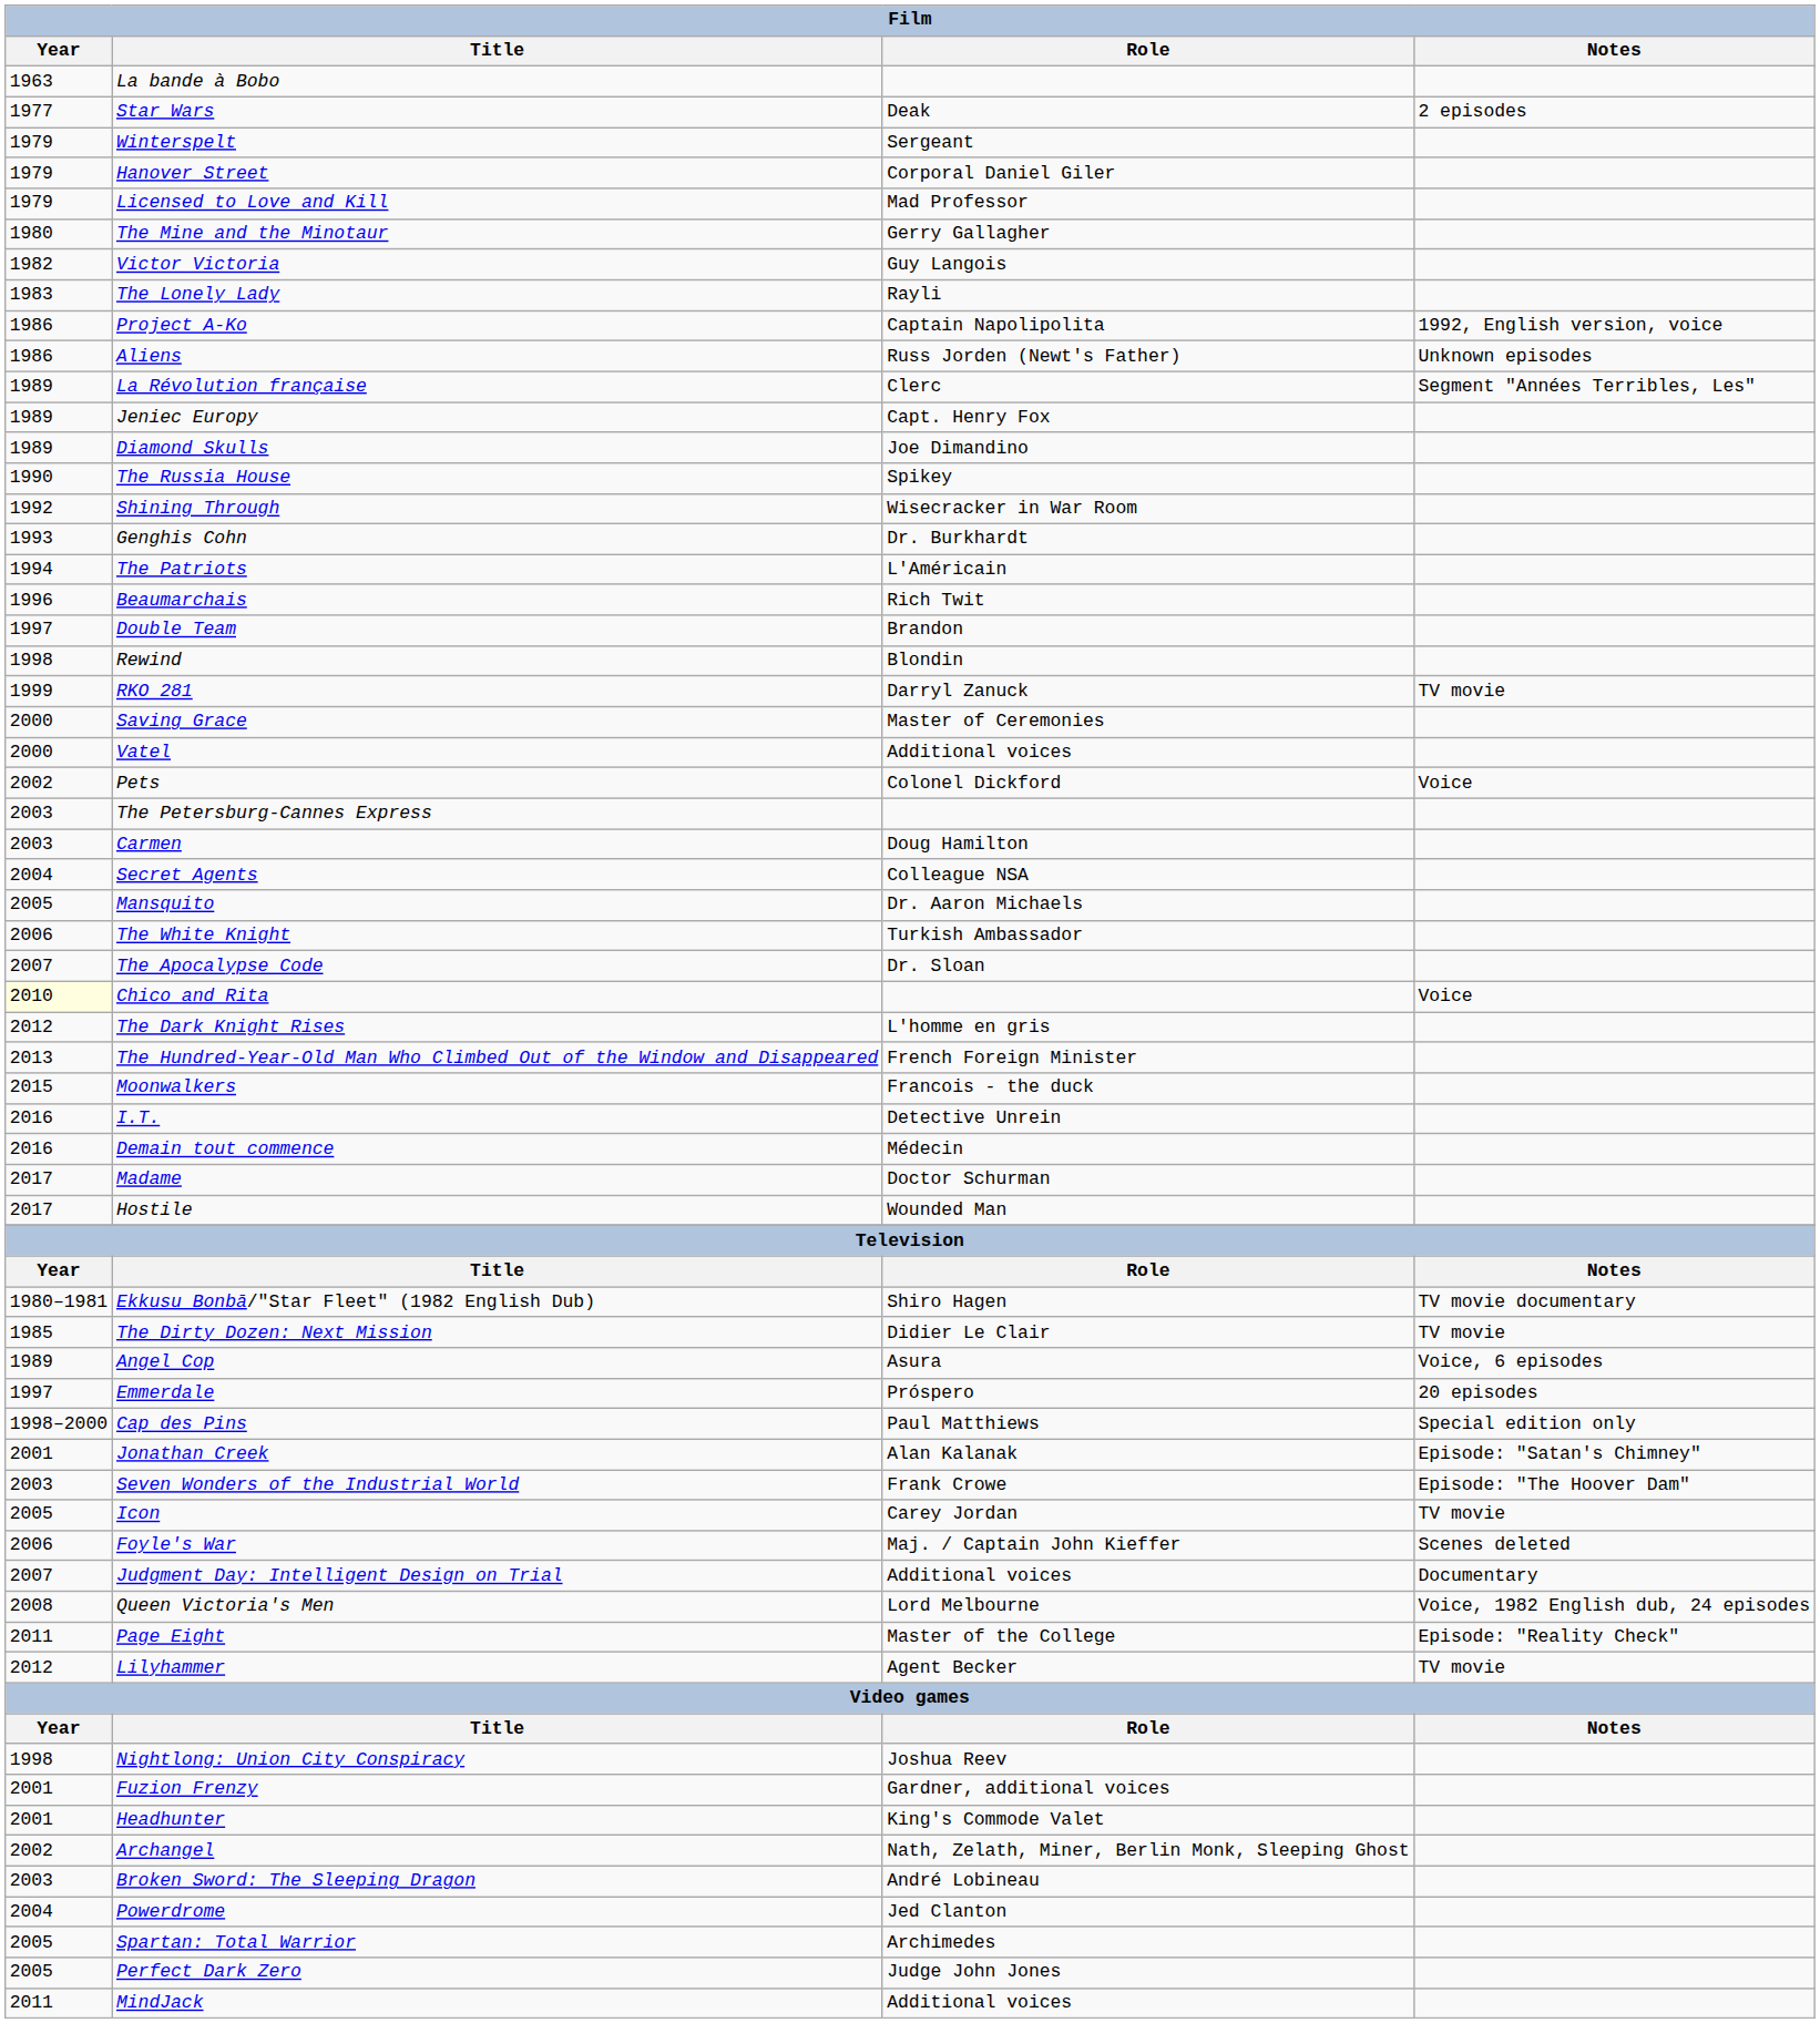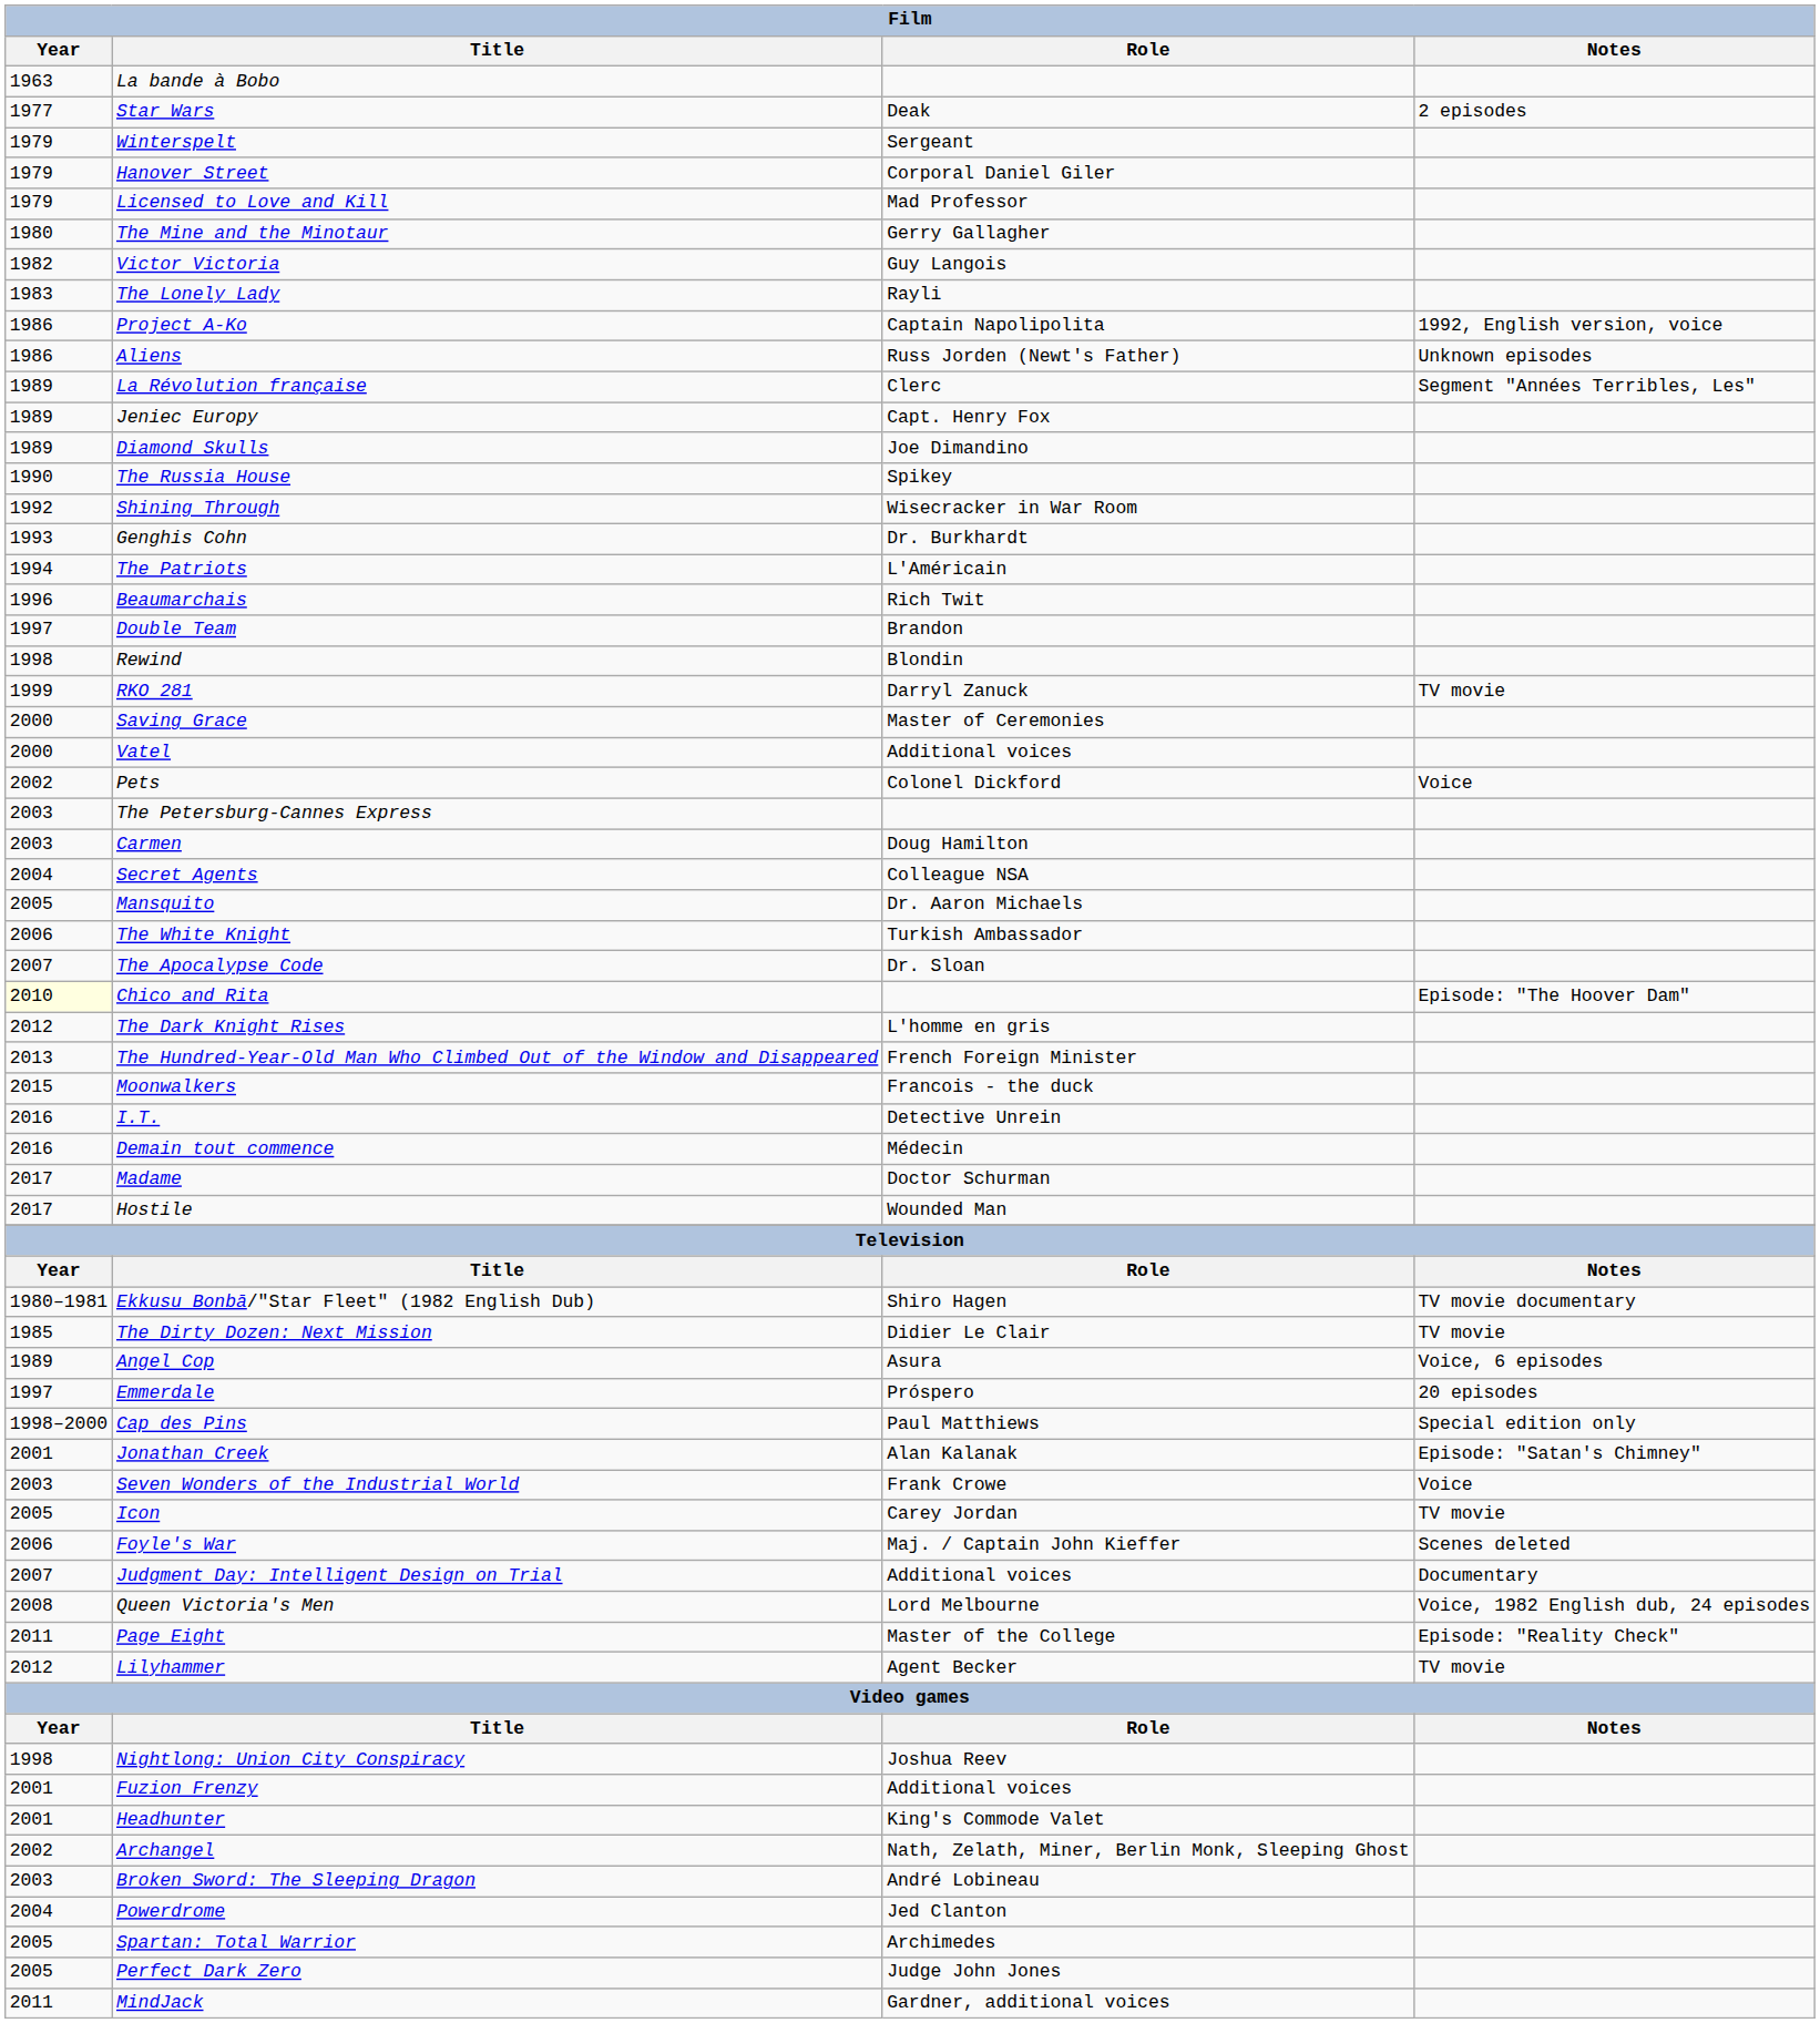 <table class="wikitable" style="font-size: 90%;">
 <tr>
 <th colspan="4" style="background: LightSteelBlue;">Film</th>
 </tr>
 <tr>
 <th>Year</th>
 <th>Title</th>
 <th>Role</th>
 <th>Notes</th>
 </tr>
 <tr>
 <td>1963</td>
 <td><em>La bande à Bobo</em></td>
 <td></td>
 <td></td>
 </tr>
 <tr>
 <td>1977</td>
 <td><em><a href='#'>Star Wars</a></em></td>
 <td>Deak</td>
 <td>2 episodes</td>
 </tr>
 <tr>
 <td>1979</td>
 <td><em><a href='#'>Winterspelt</a></em></td>
 <td>Sergeant</td>
 <td></td>
 </tr>
 <tr>
 <td>1979</td>
 <td><em><a href='#'>Hanover Street</a></em></td>
 <td>Corporal Daniel Giler</td>
 <td></td>
 </tr>
 <tr>
 <td>1979</td>
 <td><em><a href='#'>Licensed to Love and Kill</a></em></td>
 <td>Mad Professor</td>
 <td></td>
 </tr>
 <tr>
 <td>1980</td>
 <td><em><a href='#'>The Mine and the Minotaur</a></em></td>
 <td>Gerry Gallagher</td>
 <td></td>
 </tr>
 <tr>
 <td>1982</td>
 <td><em><a href='#'>Victor Victoria</a></em></td>
 <td>Guy Langois</td>
 <td></td>
 </tr>
 <tr>
 <td>1983</td>
 <td><em><a href='#'>The Lonely Lady</a></em></td>
 <td>Rayli</td>
 <td></td>
 </tr>
 <tr>
 <td>1986</td>
 <td><em><a href='#'>Project A-Ko</a></em></td>
 <td>Captain  Napolipolita</td>
 <td>1992, English version, voice</td>
 </tr>
 <tr>
 <td>1986</td>
 <td><em><a href='#'>Aliens</a></em></td>
 <td>Russ Jorden (Newt's Father)</td>
 <td>Unknown episodes</td>
 </tr>
 <tr>
 <td>1989</td>
 <td><em><a href='#'>La Révolution française</a></em></td>
 <td>Clerc</td>
 <td>Segment "Années Terribles, Les"</td>
 </tr>
 <tr>
 <td>1989</td>
 <td><em>Jeniec Europy</em></td>
 <td>Capt. Henry Fox</td>
 <td></td>
 </tr>
 <tr>
 <td>1989</td>
 <td><em><a href='#'>Diamond Skulls</a></em></td>
 <td>Joe Dimandino</td>
 <td></td>
 </tr>
 <tr>
 <td>1990</td>
 <td><em><a href='#'>The Russia House</a></em></td>
 <td>Spikey</td>
 <td></td>
 </tr>
 <tr>
 <td>1992</td>
 <td><em><a href='#'>Shining Through</a></em></td>
 <td>Wisecracker in War Room</td>
 <td></td>
 </tr>
 <tr>
 <td>1993</td>
 <td><em>Genghis Cohn</em></td>
 <td>Dr. Burkhardt</td>
 <td></td>
 </tr>
 <tr>
 <td>1994</td>
 <td><em><a href='#'>The Patriots</a></em></td>
 <td>L'Américain</td>
 <td></td>
 </tr>
 <tr>
 <td>1996</td>
 <td><em><a href='#'>Beaumarchais</a></em></td>
 <td>Rich Twit</td>
 <td></td>
 </tr>
 <tr>
 <td>1997</td>
 <td><em><a href='#'>Double Team</a></em></td>
 <td>Brandon</td>
 <td></td>
 </tr>
 <tr>
 <td>1998</td>
 <td><em>Rewind</em></td>
 <td>Blondin</td>
 <td></td>
 </tr>
 <tr>
 <td>1999</td>
 <td><em><a href='#'>RKO 281</a></em></td>
 <td>Darryl Zanuck</td>
 <td>TV movie</td>
 </tr>
 <tr>
 <td>2000</td>
 <td><em><a href='#'>Saving Grace</a></em></td>
 <td>Master of Ceremonies</td>
 <td></td>
 </tr>
 <tr>
 <td>2000</td>
 <td><em><a href='#'>Vatel</a></em></td>
 <td>Additional voices</td>
 <td></td>
 </tr>
 <tr>
 <td>2002</td>
 <td><em>Pets</em></td>
 <td>Colonel Dickford</td>
 <td>Voice</td>
 </tr>
 <tr>
 <td>2003</td>
 <td><em>The Petersburg-Cannes Express</em></td>
 <td></td>
 <td></td>
 </tr>
 <tr>
 <td>2003</td>
 <td><em><a href='#'>Carmen</a></em></td>
 <td>Doug Hamilton</td>
 <td></td>
 </tr>
 <tr>
 <td>2004</td>
 <td><em><a href='#'>Secret Agents</a></em></td>
 <td>Colleague NSA</td>
 <td></td>
 </tr>
 <tr>
 <td>2005</td>
 <td><em><a href='#'>Mansquito</a></em></td>
 <td>Dr. Aaron Michaels</td>
 <td></td>
 </tr>
 <tr>
 <td>2006</td>
 <td><em><a href='#'>The White Knight</a></em></td>
 <td>Turkish Ambassador</td>
 <td></td>
 </tr>
 <tr>
 <td>2007</td>
 <td><em><a href='#'>The Apocalypse Code</a></em></td>
 <td>Dr. Sloan</td>
 <td></td>
 </tr>
 <tr>
 <td style="background: lightyellow;">2010</td>
 <td><em><a href='#'>Chico and Rita</a></em></td>
 <td></td>
-<td>Voice</td>
+<td>Episode: "The Hoover Dam"</td>
 </tr>
 <tr>
 <td>2012</td>
 <td><em><a href='#'>The Dark Knight Rises</a></em></td>
 <td>L'homme en gris</td>
 <td></td>
 </tr>
 <tr>
 <td>2013</td>
 <td><em><a href='#'>The Hundred-Year-Old Man Who Climbed Out of the Window and Disappeared</a></em></td>
 <td>French Foreign Minister</td>
 <td></td>
 </tr>
 <tr>
 <td>2015</td>
 <td><em><a href='#'>Moonwalkers</a></em></td>
 <td>Francois - the duck</td>
 <td></td>
 </tr>
 <tr>
 <td>2016</td>
 <td><em><a href='#'>I.T.</a></em></td>
 <td>Detective Unrein</td>
 <td></td>
 </tr>
 <tr>
 <td>2016</td>
 <td><em><a href='#'>Demain tout commence</a></em></td>
 <td>Médecin</td>
 <td></td>
 </tr>
 <tr>
 <td>2017</td>
 <td><em><a href='#'>Madame</a></em></td>
 <td>Doctor Schurman</td>
 <td></td>
 </tr>
 <tr>
 <td>2017</td>
 <td><em>Hostile</em></td>
 <td>Wounded Man</td>
 <td></td>
 </tr>
 <tr>
 </tr>
 <tr>
 <th colspan="4" style="background: LightSteelBlue;">Television</th>
 </tr>
 <tr>
 <th>Year</th>
 <th>Title</th>
 <th>Role</th>
 <th>Notes</th>
 </tr>
 <tr>
 <td>1980–1981</td>
 <td><em><a href='#'>Ekkusu Bonbā</a></em>/"Star Fleet" (1982 English Dub)</td>
 <td>Shiro Hagen</td>
 <td>TV movie documentary</td>
 </tr>
 <tr>
 <td>1985</td>
 <td><em><a href='#'>The Dirty Dozen: Next Mission</a></em></td>
 <td>Didier Le Clair</td>
 <td>TV movie</td>
 </tr>
 <tr>
 <td>1989</td>
 <td><em><a href='#'>Angel Cop</a></em></td>
 <td>Asura</td>
 <td>Voice, 6 episodes</td>
 </tr>
 <tr>
 <td>1997</td>
 <td><em><a href='#'>Emmerdale</a></em></td>
 <td>Próspero</td>
 <td>20 episodes</td>
 </tr>
 <tr>
 <td>1998–2000</td>
 <td><em><a href='#'>Cap des Pins</a></em></td>
 <td>Paul Matthiews</td>
 <td>Special edition only</td>
 </tr>
 <tr>
 <td>2001</td>
 <td><em><a href='#'>Jonathan Creek</a></em></td>
 <td>Alan Kalanak</td>
 <td>Episode: "Satan's Chimney"</td>
 </tr>
 <tr>
 <td>2003</td>
 <td><em><a href='#'>Seven Wonders of the Industrial World</a></em></td>
 <td>Frank Crowe</td>
-<td>Episode: "The Hoover Dam"</td>
+<td>Voice</td>
 </tr>
 <tr>
 <td>2005</td>
 <td><em><a href='#'>Icon</a></em></td>
 <td>Carey Jordan</td>
 <td>TV movie</td>
 </tr>
 <tr>
 <td>2006</td>
 <td><em><a href='#'>Foyle's War</a></em></td>
 <td>Maj. / Captain John Kieffer</td>
 <td>Scenes deleted</td>
 </tr>
 <tr>
 <td>2007</td>
 <td><em><a href='#'>Judgment Day: Intelligent Design on Trial</a></em></td>
 <td>Additional voices</td>
 <td>Documentary</td>
 </tr>
 <tr>
 <td>2008</td>
 <td><em>Queen Victoria's Men</em></td>
 <td>Lord Melbourne</td>
 <td>Voice, 1982 English dub, 24 episodes</td>
 </tr>
 <tr>
 <td>2011</td>
 <td><em><a href='#'>Page Eight</a></em></td>
 <td>Master of the College</td>
 <td>Episode: "Reality Check"</td>
 </tr>
 <tr>
 <td>2012</td>
 <td><em><a href='#'>Lilyhammer</a></em></td>
 <td>Agent Becker</td>
 <td>TV movie</td>
 </tr>
 <tr>
 <th colspan="4" style="background: LightSteelBlue;">Video games</th>
 </tr>
 <tr>
 <th>Year</th>
 <th>Title</th>
 <th>Role</th>
 <th>Notes</th>
 </tr>
 <tr>
 <td>1998</td>
 <td><em><a href='#'>Nightlong: Union City Conspiracy</a></em></td>
 <td>Joshua Reev</td>
 <td></td>
 </tr>
 <tr>
 <td>2001</td>
 <td><em><a href='#'>Fuzion Frenzy</a></em></td>
-<td>Gardner, additional voices</td>
+<td>Additional voices</td>
 <td></td>
 </tr>
 <tr>
 <td>2001</td>
 <td><em><a href='#'>Headhunter</a></em></td>
 <td>King's Commode Valet</td>
 <td></td>
 </tr>
 <tr>
 <td>2002</td>
 <td><em><a href='#'>Archangel</a></em></td>
 <td>Nath, Zelath, Miner, Berlin Monk, Sleeping Ghost</td>
 <td></td>
 </tr>
 <tr>
 <td>2003</td>
 <td><em><a href='#'>Broken Sword: The Sleeping Dragon</a></em></td>
 <td>André Lobineau</td>
 <td></td>
 </tr>
 <tr>
 <td>2004</td>
 <td><em><a href='#'>Powerdrome</a></em></td>
 <td>Jed Clanton</td>
 <td></td>
 </tr>
 <tr>
 <td>2005</td>
 <td><em><a href='#'>Spartan: Total Warrior</a></em></td>
 <td>Archimedes</td>
 <td></td>
 </tr>
 <tr>
 <td>2005</td>
 <td><em><a href='#'>Perfect Dark Zero</a></em></td>
 <td>Judge John Jones</td>
 <td></td>
 </tr>
 <tr>
 <td>2011</td>
 <td><em><a href='#'>MindJack</a></em></td>
-<td>Additional voices</td>
+<td>Gardner, additional voices</td>
 <td></td>
 </tr>
 </table>
